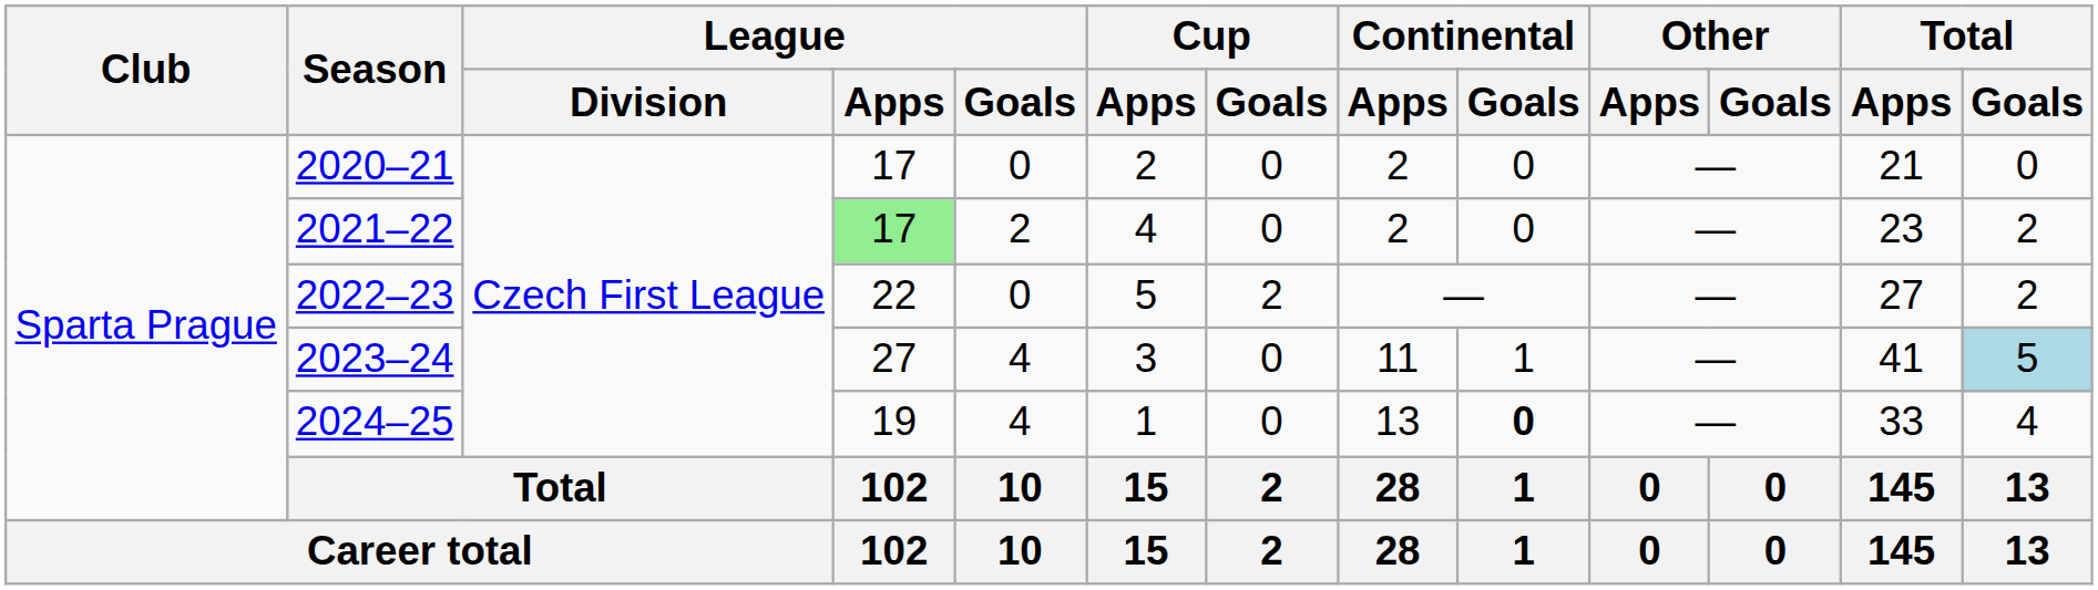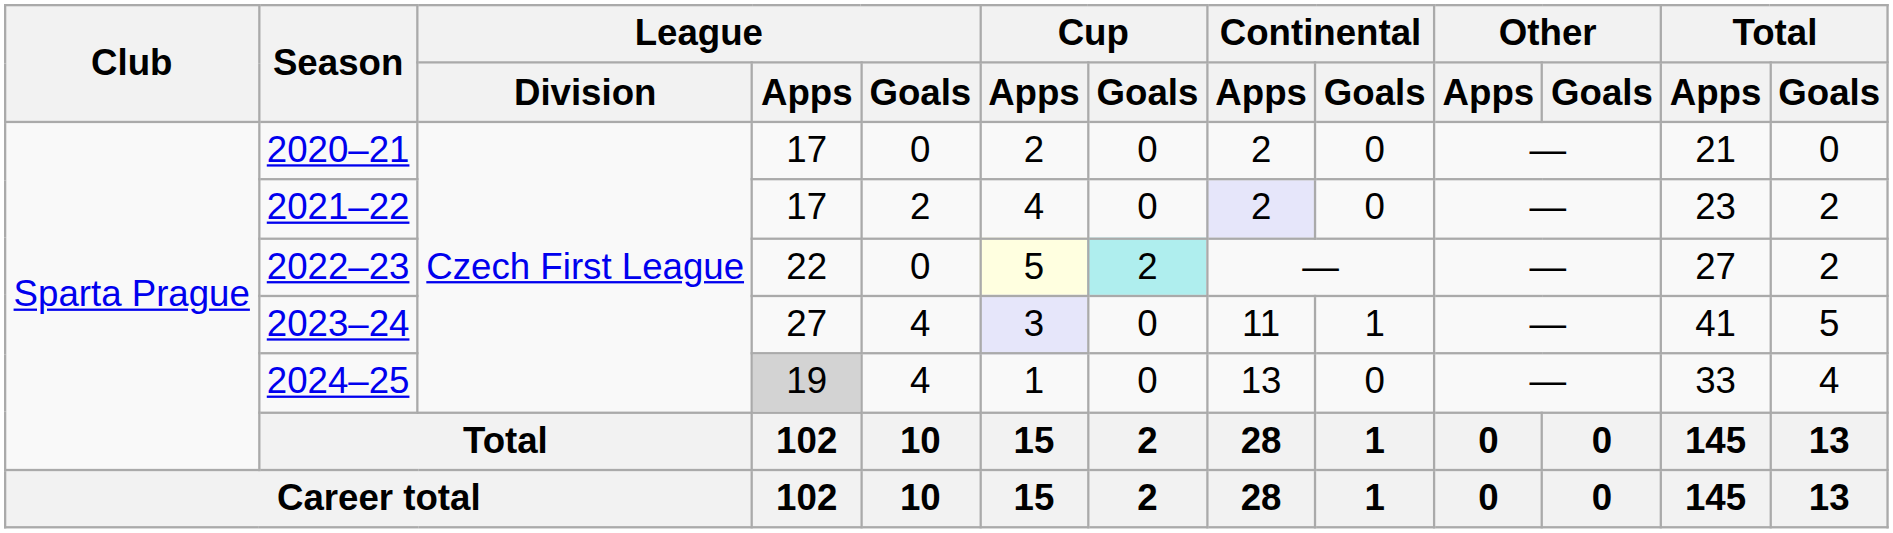 <table class="wikitable" style="text-align:center">
 <tr>
 <th rowspan="2">Club</th>
 <th rowspan="2">Season</th>
 <th colspan="3">League</th>
 <th colspan="2">Cup</th>
 <th colspan="2">Continental</th>
 <th colspan="2">Other</th>
 <th colspan="2">Total</th>
 </tr>
 <tr>
 <th>Division</th>
 <th>Apps</th>
 <th>Goals</th>
 <th>Apps</th>
 <th>Goals</th>
 <th>Apps</th>
 <th>Goals</th>
 <th>Apps</th>
 <th>Goals</th>
 <th>Apps</th>
 <th>Goals</th>
 </tr>
 <tr>
 <td rowspan="6"><a href='#'>Sparta Prague</a></td>
 <td><a href='#'>2020–21</a></td>
 <td rowspan="5"><a href='#'>Czech First League</a></td>
 <td>17</td>
 <td>0</td>
 <td>2</td>
 <td>0</td>
 <td>2</td>
 <td>0</td>
 <td colspan="2">—</td>
 <td>21</td>
 <td>0</td>
 </tr>
 <tr>
 <td><a href='#'>2021–22</a></td>
-<td style="background: lightgreen;">17</td>
+<td>17</td>
 <td>2</td>
 <td>4</td>
 <td>0</td>
-<td>2</td>
+<td style="background: lavender;">2</td>
 <td>0</td>
 <td colspan="2">—</td>
 <td>23</td>
 <td>2</td>
 </tr>
 <tr>
 <td><a href='#'>2022–23</a></td>
 <td>22</td>
 <td>0</td>
-<td>5</td>
-<td>2</td>
+<td style="background: lightyellow;">5</td>
+<td style="background: paleturquoise;">2</td>
 <td colspan="2">—</td>
 <td colspan="2">—</td>
 <td>27</td>
 <td>2</td>
 </tr>
 <tr>
 <td><a href='#'>2023–24</a></td>
 <td>27</td>
 <td>4</td>
-<td>3</td>
+<td style="background: lavender;">3</td>
 <td>0</td>
 <td>11</td>
 <td>1</td>
 <td colspan="2">—</td>
 <td>41</td>
-<td style="background: lightblue;">5</td>
+<td>5</td>
 </tr>
 <tr>
 <td><a href='#'>2024–25</a></td>
-<td>19</td>
+<td style="background: lightgrey;">19</td>
 <td>4</td>
 <td>1</td>
 <td>0</td>
 <td>13</td>
-<td><strong>0</strong></td>
+<td>0</td>
 <td colspan="2">—</td>
 <td>33</td>
 <td>4</td>
 </tr>
 <tr>
 <th colspan="2">Total</th>
 <th>102</th>
 <th>10</th>
 <th>15</th>
 <th>2</th>
 <th>28</th>
 <th>1</th>
 <th>0</th>
 <th>0</th>
 <th>145</th>
 <th>13</th>
 </tr>
 <tr>
 <th colspan="3">Career total</th>
 <th>102</th>
 <th>10</th>
 <th>15</th>
 <th>2</th>
 <th>28</th>
 <th>1</th>
 <th>0</th>
 <th>0</th>
 <th>145</th>
 <th>13</th>
 </tr>
 </table>
